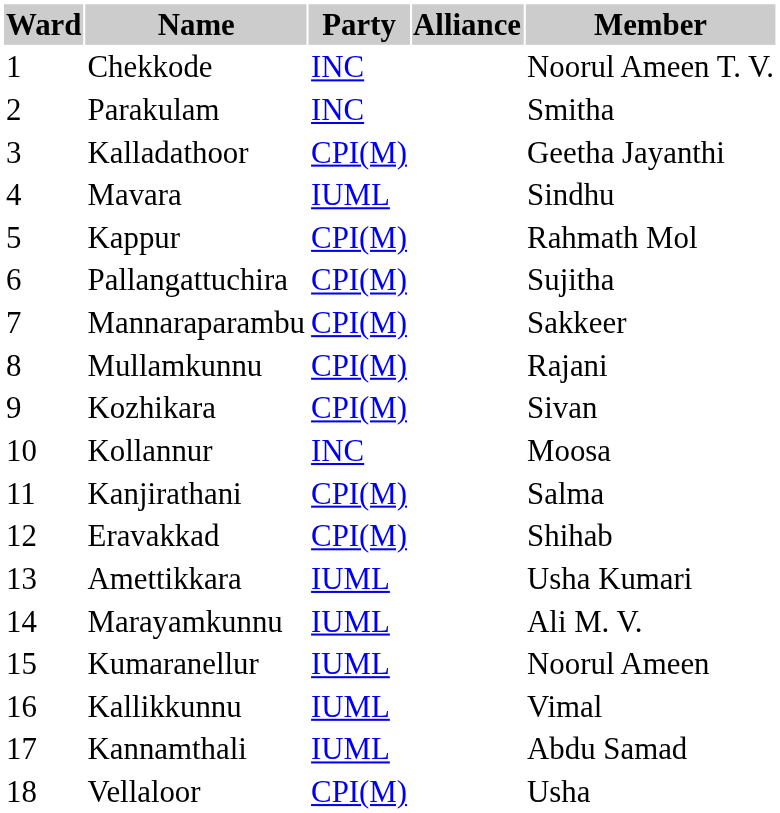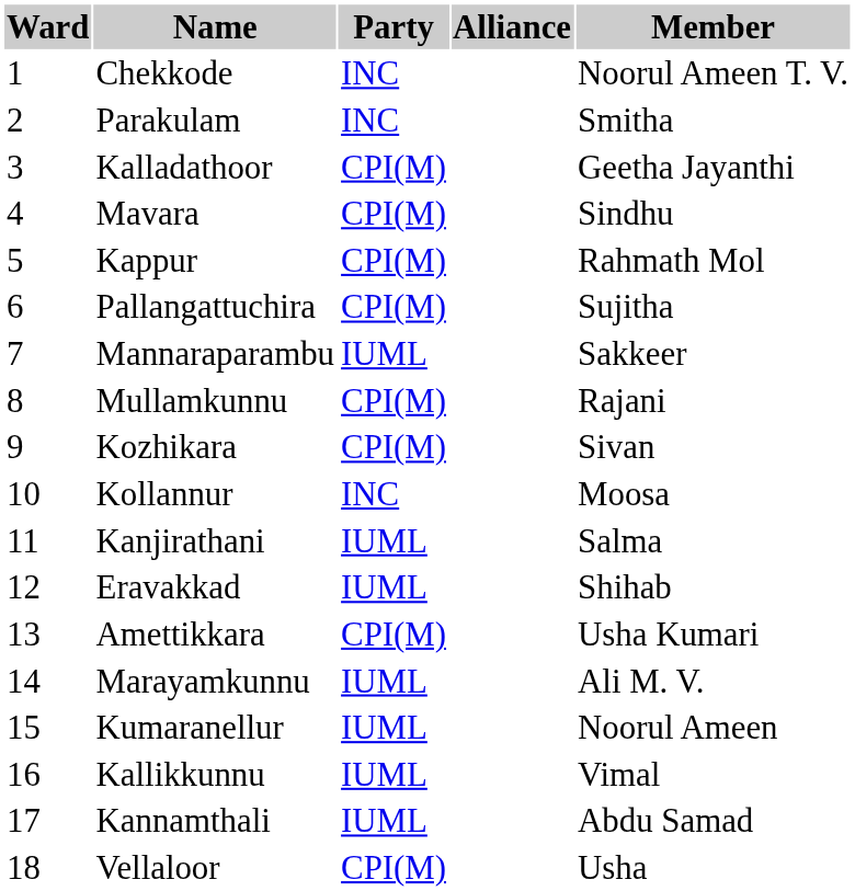 <table align="left" class="toccolours" cellspacing="1" cellpadding="1" style="margin-right: .5em; margin-top: .4em; font-size: 95%">
 <tr>
 </tr>
 <tr bgcolor="#cccccc" valign="top">
 <th>Ward</th>
 <th>Name</th>
 <th>Party</th>
 <th>Alliance</th>
 <th>Member</th>
 </tr>
 <tr po>
 <td>1</td>
 <td>Chekkode</td>
 <td style="background-color:"><a href='#'><span>INC</span></a></td>
 <td></td>
 <td>Noorul Ameen T. V.</td>
 </tr>
 <tr>
 <td>2</td>
 <td>Parakulam</td>
 <td style="background-color:"><a href='#'><span>INC</span></a></td>
 <td></td>
 <td>Smitha</td>
 </tr>
 <tr>
 <td>3</td>
 <td>Kalladathoor</td>
 <td style="background-color:"><a href='#'><span>CPI(M)</span></a></td>
 <td></td>
 <td>Geetha Jayanthi</td>
 </tr>
 <tr>
 <td>4</td>
 <td>Mavara</td>
-<td style="background-color:"><a href='#'><span>IUML</span></a></td>
+<td style="background-color:"><a href='#'><span>CPI(M)</span></a></td>
 <td></td>
 <td>Sindhu</td>
 </tr>
 <tr>
 <td>5</td>
 <td>Kappur</td>
 <td style="background-color:"><a href='#'><span>CPI(M)</span></a></td>
 <td></td>
 <td>Rahmath Mol</td>
 </tr>
 <tr>
 <td>6</td>
 <td>Pallangattuchira</td>
 <td style="background-color:"><a href='#'><span>CPI(M)</span></a></td>
 <td></td>
 <td>Sujitha</td>
 </tr>
 <tr>
 <td>7</td>
 <td>Mannaraparambu</td>
-<td style="background-color:"><a href='#'><span>CPI(M)</span></a></td>
+<td style="background-color:"><a href='#'><span>IUML</span></a></td>
 <td></td>
 <td>Sakkeer</td>
 </tr>
 <tr>
 <td>8</td>
 <td>Mullamkunnu</td>
 <td style="background-color:"><a href='#'><span>CPI(M)</span></a></td>
 <td></td>
 <td>Rajani</td>
 </tr>
 <tr>
 <td>9</td>
 <td>Kozhikara</td>
 <td style="background-color:"><a href='#'><span>CPI(M)</span></a></td>
 <td></td>
 <td>Sivan</td>
 </tr>
 <tr>
 <td>10</td>
 <td>Kollannur</td>
 <td style="background-color:"><a href='#'><span>INC</span></a></td>
 <td></td>
 <td>Moosa</td>
 </tr>
 <tr>
 <td>11</td>
 <td>Kanjirathani</td>
-<td style="background-color:"><a href='#'><span>CPI(M)</span></a></td>
+<td style="background-color:"><a href='#'><span>IUML</span></a></td>
 <td></td>
 <td>Salma</td>
 </tr>
 <tr>
 <td>12</td>
 <td>Eravakkad</td>
-<td style="background-color:"><a href='#'><span>CPI(M)</span></a></td>
+<td style="background-color:"><a href='#'><span>IUML</span></a></td>
 <td></td>
 <td>Shihab</td>
 </tr>
 <tr>
 <td>13</td>
 <td>Amettikkara</td>
-<td style="background-color:"><a href='#'><span>IUML</span></a></td>
+<td style="background-color:"><a href='#'><span>CPI(M)</span></a></td>
 <td></td>
 <td>Usha Kumari</td>
 </tr>
 <tr>
 <td>14</td>
 <td>Marayamkunnu</td>
 <td style="background-color:"><a href='#'><span>IUML</span></a></td>
 <td></td>
 <td>Ali M. V.</td>
 </tr>
 <tr>
 <td>15</td>
 <td>Kumaranellur</td>
 <td style="background-color:"><a href='#'><span>IUML</span></a></td>
 <td></td>
 <td>Noorul Ameen</td>
 </tr>
 <tr>
 <td>16</td>
 <td>Kallikkunnu</td>
 <td style="background-color:"><a href='#'><span>IUML</span></a></td>
 <td></td>
 <td>Vimal</td>
 </tr>
 <tr>
 <td>17</td>
 <td>Kannamthali</td>
 <td style="background-color:"><a href='#'><span>IUML</span></a></td>
 <td></td>
 <td>Abdu Samad</td>
 </tr>
 <tr>
 <td>18</td>
 <td>Vellaloor</td>
 <td style="background-color:"><a href='#'><span>CPI(M)</span></a></td>
 <td></td>
 <td>Usha</td>
 </tr>
 </table>
